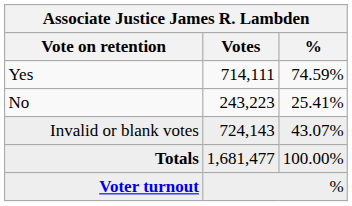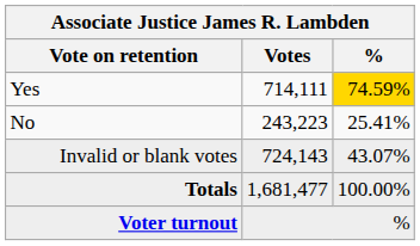 <table class="wikitable" style="font-size: 95%;">
 <tr style="background-color:#E9E9E9">
 <th colspan=7>Associate Justice James R. Lambden</th>
 </tr>
 <tr style="background-color:#E9E9E9">
 <th style="width: 170px">Vote on retention</th>
 <th style="width: 50px">Votes</th>
 <th style="width: 40px">%</th>
 </tr>
 <tr>
 <td>Yes</td>
 <td align="right">714,111</td>
-<td align="right">74.59%</td>
+<td align="right" style="background: gold;">74.59%</td>
 </tr>
 <tr>
 <td>No</td>
 <td align="right">243,223</td>
 <td align="right">25.41%</td>
 </tr>
 <tr style="background-color:#EEEEEE">
 <td align="right">Invalid or blank votes</td>
 <td align="right">724,143</td>
 <td align="right">43.07%</td>
 </tr>
 <tr style="background-color:#EEEEEE">
 <td colspan="1" align="right"><strong>Totals</strong></td>
 <td align="right">1,681,477</td>
 <td align="right">100.00%</td>
 </tr>
 <tr style="background-color:#EEEEEE">
 <td align="right"><strong><a href='#'>Voter turnout</a></strong></td>
 <td colspan="2" align="right">%</td>
 </tr>
 </table>
